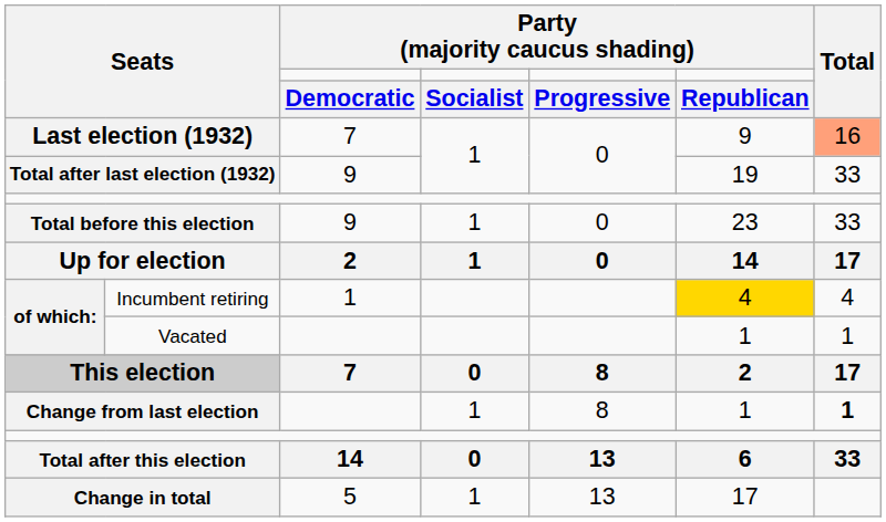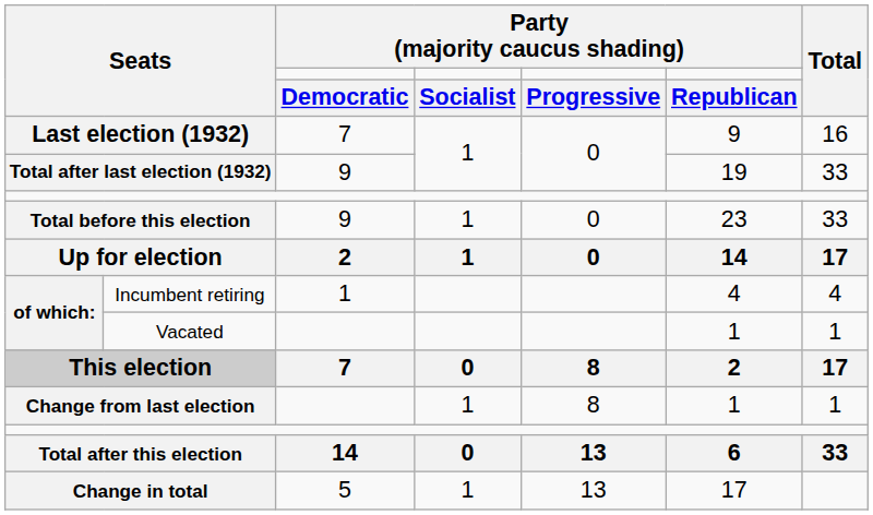 <table class="wikitable" style="text-align:center">
 <tr>
 <th colspan="2" rowspan="3">Seats</th>
 <th colspan="4">Party<div>(majority caucus shading)</div></th>
 <th rowspan="3">Total</th>
 </tr>
 <tr style="height:5px">
 <td style="background-color:"></td>
 <td style="background-color:"></td>
 <td style="background-color:"></td>
 <td style="background-color:"></td>
 </tr>
 <tr>
 <th><a href='#'>Democratic</a></th>
 <th><a href='#'>Socialist</a></th>
 <th><a href='#'>Progressive</a></th>
 <th><a href='#'>Republican</a></th>
 </tr>
 <tr>
 <th colspan="2" nowrap="">Last election (1932)</th>
 <td>7</td>
 <td rowspan="2">1</td>
 <td rowspan="2">0</td>
 <td>9</td>
-<td style="background: lightsalmon;">16</td>
+<td>16</td>
 </tr>
 <tr>
 <th colspan="2" nowrap="" style="font-size:80%">Total after last election (1932)</th>
 <td>9</td>
 <td>19</td>
 <td>33</td>
 </tr>
 <tr>
 <td colspan="7"></td>
 </tr>
 <tr>
 <th colspan="2" nowrap="" style="font-size:80%">Total before this election</th>
 <td>9</td>
 <td>1</td>
 <td>0</td>
 <td>23</td>
 <td>33</td>
 </tr>
 <tr>
 <th colspan="2">Up for election</th>
 <th>2</th>
 <th>1</th>
 <th>0</th>
 <th>14</th>
 <th>17</th>
 </tr>
 <tr>
 <th rowspan="2" style="font-size:80%">of which:</th>
 <td nowrap="" style="font-size:80%">Incumbent retiring</td>
 <td>1</td>
 <td></td>
 <td></td>
-<td style="background: gold;">4</td>
+<td>4</td>
 <td>4</td>
 </tr>
 <tr>
 <td nowrap="" style="font-size:80%">Vacated</td>
 <td></td>
 <td></td>
 <td></td>
 <td>1</td>
 <td>1</td>
 </tr>
 <tr>
 <th colspan="2" nowrap="" style="background:#ccc">This election</th>
 <th>7</th>
 <th>0</th>
 <th>8</th>
 <th>2</th>
 <th>17</th>
 </tr>
 <tr>
 <th colspan="2" nowrap="" style="font-size:80%">Change from last election</th>
 <td></td>
 <td> 1</td>
 <td> 8</td>
 <td> 1</td>
-<td><strong> 1</strong></td>
+<td> 1</td>
 </tr>
 <tr>
 <td colspan="7"></td>
 </tr>
 <tr>
 <th colspan="2" nowrap="" style="font-size:80%">Total after this election</th>
 <th>14</th>
 <th>0</th>
 <th>13</th>
 <th>6</th>
 <th>33</th>
 </tr>
 <tr>
 <th colspan="2" nowrap="" style="font-size:80%">Change in total</th>
 <td> 5</td>
 <td> 1</td>
 <td> 13</td>
 <td> 17</td>
 <td></td>
 </tr>
 </table>
